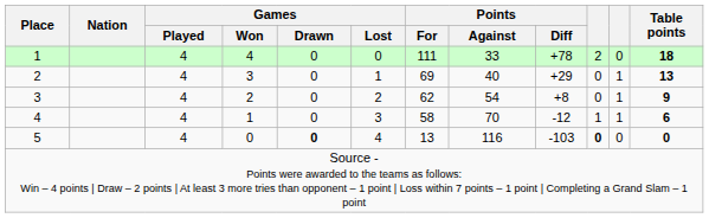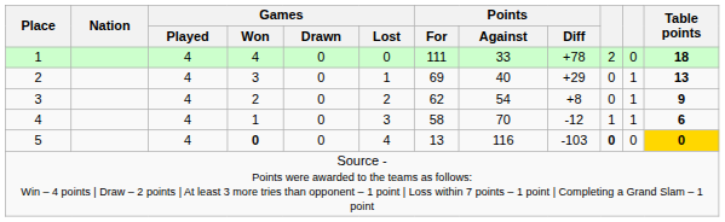 <table class="wikitable" style="text-align:center">
 <tr>
 <th rowspan="2">Place</th>
 <th rowspan="2">Nation</th>
 <th colspan="4">Games</th>
 <th colspan="3">Points</th>
 <th rowspan="2"></th>
 <th rowspan="2"></th>
 <th rowspan="2">Table<br>points</th>
 </tr>
 <tr>
 <th>Played</th>
 <th>Won</th>
 <th>Drawn</th>
 <th>Lost</th>
 <th>For</th>
 <th>Against</th>
 <th>Diff</th>
 </tr>
 <tr bgcolor="#ccffcc">
 <td>1</td>
 <td style="text-align:left"></td>
 <td>4</td>
 <td>4</td>
 <td>0</td>
 <td>0</td>
 <td>111</td>
 <td>33</td>
 <td>+78</td>
 <td>2</td>
 <td>0</td>
 <td><strong>18</strong></td>
 </tr>
 <tr>
 <td>2</td>
 <td style="text-align:left"></td>
 <td>4</td>
 <td>3</td>
 <td>0</td>
 <td>1</td>
 <td>69</td>
 <td>40</td>
 <td>+29</td>
 <td>0</td>
 <td>1</td>
 <td><strong>13</strong></td>
 </tr>
 <tr>
 <td>3</td>
 <td style="text-align:left"></td>
 <td>4</td>
 <td>2</td>
 <td>0</td>
 <td>2</td>
 <td>62</td>
 <td>54</td>
 <td>+8</td>
 <td>0</td>
 <td>1</td>
 <td><strong>9</strong></td>
 </tr>
 <tr>
 <td>4</td>
 <td style="text-align:left"></td>
 <td>4</td>
 <td>1</td>
 <td>0</td>
 <td>3</td>
 <td>58</td>
 <td>70</td>
 <td>-12</td>
 <td>1</td>
 <td>1</td>
 <td><strong>6</strong></td>
 </tr>
 <tr>
 <td>5</td>
 <td style="text-align:left"></td>
 <td>4</td>
+<td><strong>0</strong></td>
 <td>0</td>
-<td><strong>0</strong></td>
 <td>4</td>
 <td>13</td>
 <td>116</td>
 <td>-103</td>
 <td><strong>0</strong></td>
 <td>0</td>
-<td><strong>0</strong></td>
+<td style="background: gold;"><strong>0</strong></td>
 </tr>
 <tr>
 <td colspan="100%" style="text-align:center">Source - <br><small>Points were awarded to the teams as follows:<br>Win – 4 points | Draw – 2 points | At least 3 more tries than opponent – 1 point | Loss within 7 points – 1 point | Completing a Grand Slam – 1 point</small></td>
 </tr>
 </table>
